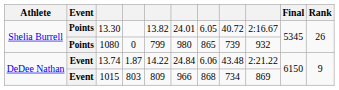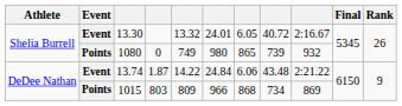 <table class=wikitable style=font-size:90%;text-align:center>
 <tr>
 <th>Athlete</th>
 <th>Event</th>
 <th></th>
 <th></th>
 <th></th>
 <th></th>
 <th></th>
 <th></th>
 <th></th>
 <th>Final</th>
 <th>Rank</th>
 </tr>
 <tr>
 <td rowspan=2><a href='#'>Shelia Burrell</a></td>
-<th style=font-size:95%>Points</th>
+<th style=font=size:95%>Event</th>
 <td>13.30</td>
 <td></td>
-<td>13.82</td>
+<td>13.32</td>
 <td>24.01</td>
 <td>6.05</td>
 <td>40.72</td>
 <td>2:16.67</td>
 <td rowspan=2>5345</td>
 <td rowspan=2>26</td>
 </tr>
 <tr>
 <th style=font-size:95%>Points</th>
 <td>1080</td>
 <td>0</td>
-<td>799</td>
+<td>749</td>
 <td>980</td>
 <td>865</td>
 <td>739</td>
 <td>932</td>
 </tr>
 <tr>
 <td rowspan=2><a href='#'>DeDee Nathan</a></td>
 <th style=font-size:95%>Event</th>
 <td>13.74</td>
 <td>1.87</td>
 <td>14.22</td>
 <td>24.84</td>
 <td>6.06</td>
 <td>43.48</td>
 <td>2:21.22</td>
 <td rowspan=2>6150</td>
 <td rowspan=2>9</td>
 </tr>
 <tr>
-<th style=font=size:95%>Event</th>
+<th style=font-size:95%>Points</th>
 <td>1015</td>
 <td>803</td>
 <td>809</td>
 <td>966</td>
 <td>868</td>
 <td>734</td>
 <td>869</td>
 </tr>
 </table>
